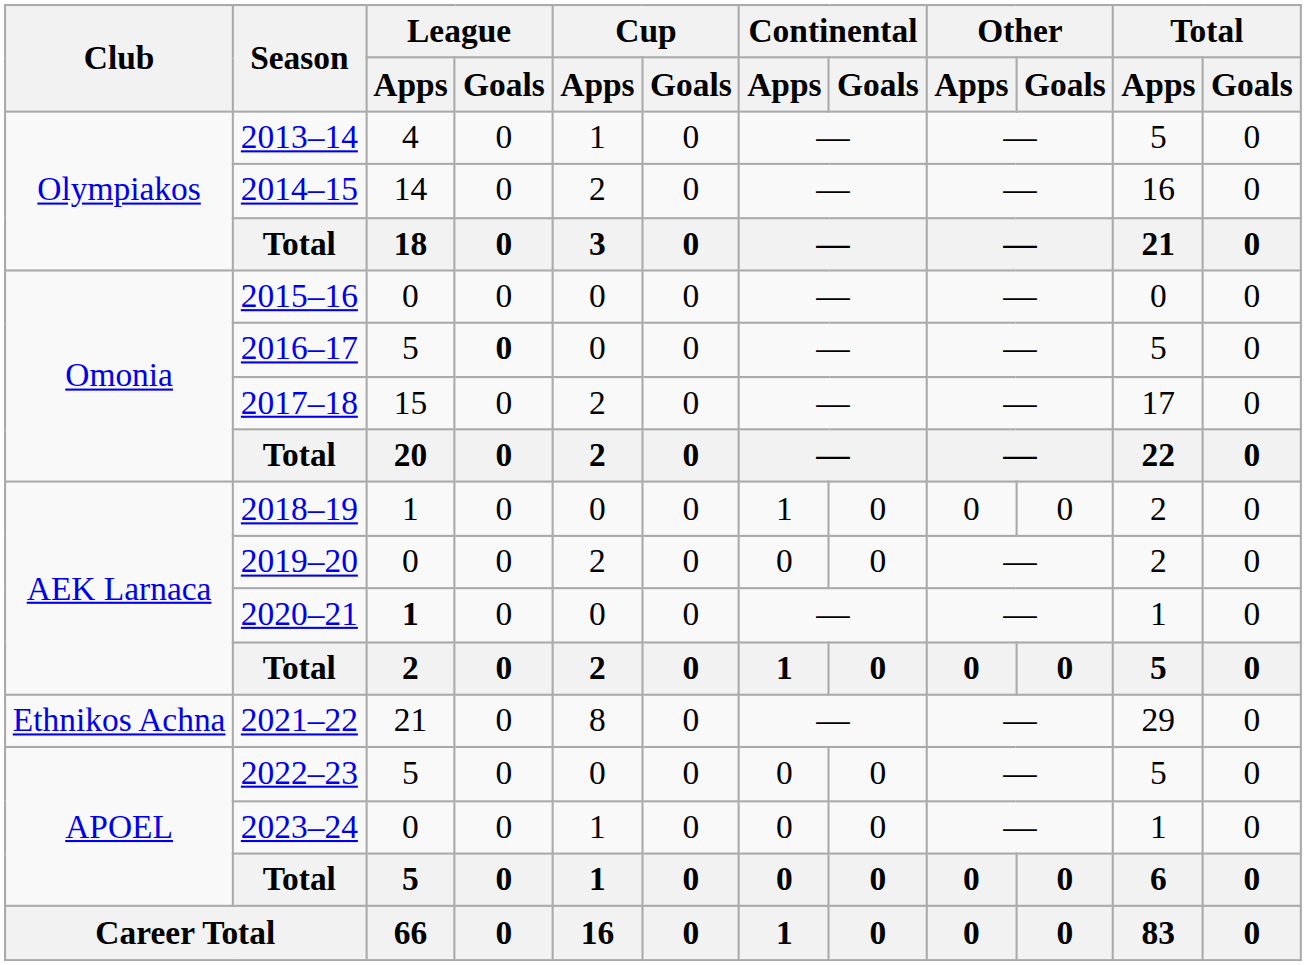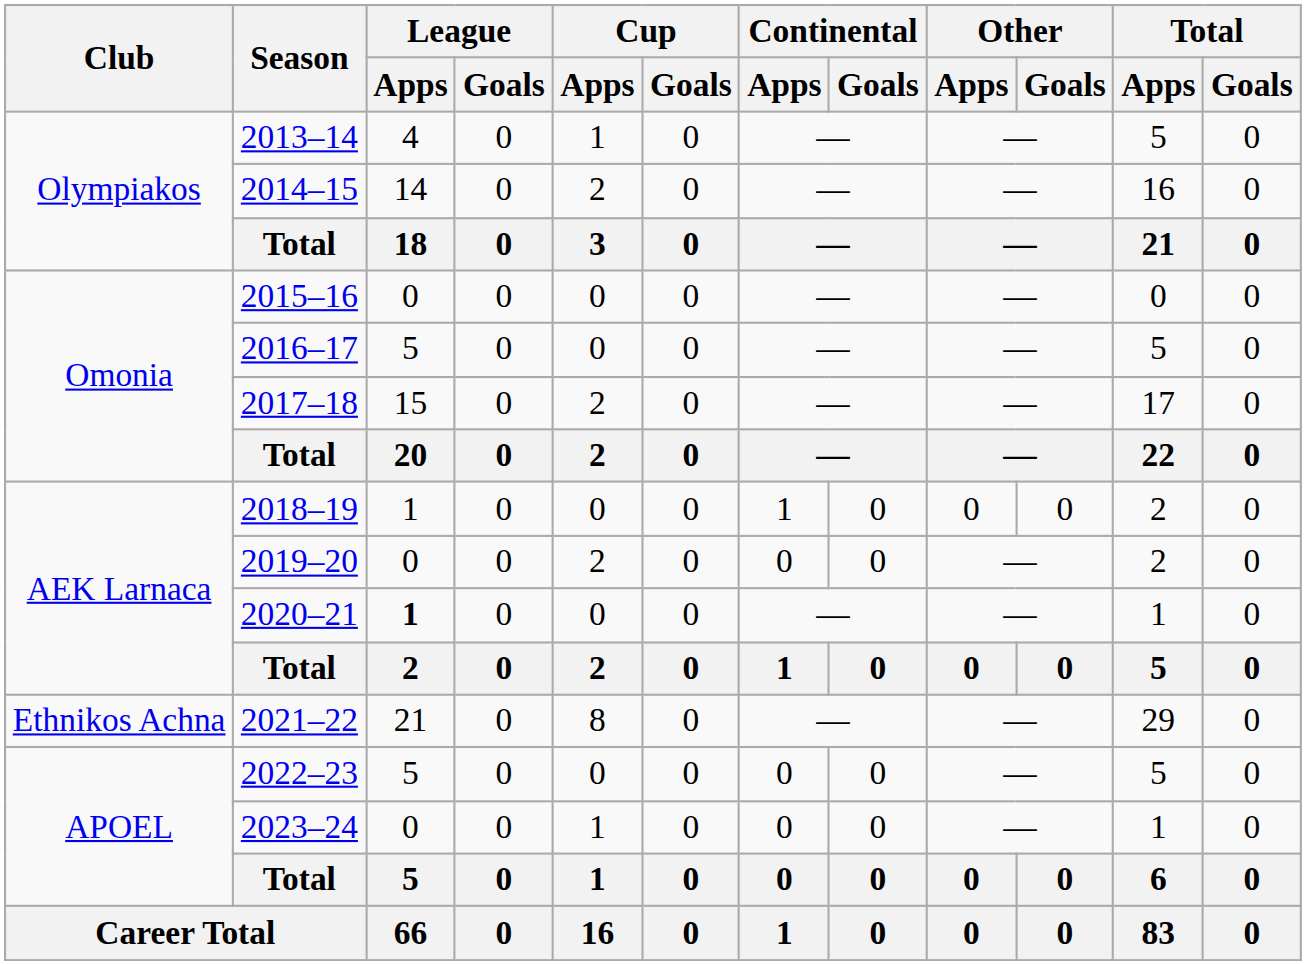 <table class="wikitable" style="text-align:center;">
 <tr>
 <th rowspan="2">Club</th>
 <th rowspan="2">Season</th>
 <th colspan="2">League</th>
 <th colspan="2">Cup</th>
 <th colspan="2">Continental</th>
 <th colspan="2">Other</th>
 <th colspan="2">Total</th>
 </tr>
 <tr>
 <th>Apps</th>
 <th>Goals</th>
 <th>Apps</th>
 <th>Goals</th>
 <th>Apps</th>
 <th>Goals</th>
 <th>Apps</th>
 <th>Goals</th>
 <th>Apps</th>
 <th>Goals</th>
 </tr>
 <tr>
 <td rowspan="3"><a href='#'>Olympiakos</a></td>
 <td><a href='#'>2013–14</a></td>
 <td>4</td>
 <td>0</td>
 <td>1</td>
 <td>0</td>
 <td colspan="2">—</td>
 <td colspan="2">—</td>
 <td>5</td>
 <td>0</td>
 </tr>
 <tr>
 <td><a href='#'>2014–15</a></td>
 <td>14</td>
 <td>0</td>
 <td>2</td>
 <td>0</td>
 <td colspan="2">—</td>
 <td colspan="2">—</td>
 <td>16</td>
 <td>0</td>
 </tr>
 <tr>
 <th>Total</th>
 <th>18</th>
 <th>0</th>
 <th>3</th>
 <th>0</th>
 <th colspan="2">—</th>
 <th colspan="2">—</th>
 <th>21</th>
 <th>0</th>
 </tr>
 <tr>
 <td rowspan="4"><a href='#'>Omonia</a></td>
 <td><a href='#'>2015–16</a></td>
 <td>0</td>
 <td>0</td>
 <td>0</td>
 <td>0</td>
 <td colspan="2">—</td>
 <td colspan="2">—</td>
 <td>0</td>
 <td>0</td>
 </tr>
 <tr>
 <td><a href='#'>2016–17</a></td>
 <td>5</td>
-<td><strong>0</strong></td>
+<td>0</td>
 <td>0</td>
 <td>0</td>
 <td colspan="2">—</td>
 <td colspan="2">—</td>
 <td>5</td>
 <td>0</td>
 </tr>
 <tr>
 <td><a href='#'>2017–18</a></td>
 <td>15</td>
 <td>0</td>
 <td>2</td>
 <td>0</td>
 <td colspan="2">—</td>
 <td colspan="2">—</td>
 <td>17</td>
 <td>0</td>
 </tr>
 <tr>
 <th>Total</th>
 <th>20</th>
 <th>0</th>
 <th>2</th>
 <th>0</th>
 <th colspan="2">—</th>
 <th colspan="2">—</th>
 <th>22</th>
 <th>0</th>
 </tr>
 <tr>
 <td rowspan="4"><a href='#'>AEK Larnaca</a></td>
 <td><a href='#'>2018–19</a></td>
 <td>1</td>
 <td>0</td>
 <td>0</td>
 <td>0</td>
 <td>1</td>
 <td>0</td>
 <td>0</td>
 <td>0</td>
 <td>2</td>
 <td>0</td>
 </tr>
 <tr>
 <td><a href='#'>2019–20</a></td>
 <td>0</td>
 <td>0</td>
 <td>2</td>
 <td>0</td>
 <td>0</td>
 <td>0</td>
 <td colspan="2">—</td>
 <td>2</td>
 <td>0</td>
 </tr>
 <tr>
 <td><a href='#'>2020–21</a></td>
 <td><strong>1</strong></td>
 <td>0</td>
 <td>0</td>
 <td>0</td>
 <td colspan="2">—</td>
 <td colspan="2">—</td>
 <td>1</td>
 <td>0</td>
 </tr>
 <tr>
 <th>Total</th>
 <th>2</th>
 <th>0</th>
 <th>2</th>
 <th>0</th>
 <th>1</th>
 <th>0</th>
 <th>0</th>
 <th>0</th>
 <th>5</th>
 <th>0</th>
 </tr>
 <tr>
 <td><a href='#'>Ethnikos Achna</a></td>
 <td><a href='#'>2021–22</a></td>
 <td>21</td>
 <td>0</td>
 <td>8</td>
 <td>0</td>
 <td colspan="2">—</td>
 <td colspan="2">—</td>
 <td>29</td>
 <td>0</td>
 </tr>
 <tr>
 <td rowspan="3"><a href='#'>APOEL</a></td>
 <td><a href='#'>2022–23</a></td>
 <td>5</td>
 <td>0</td>
 <td>0</td>
 <td>0</td>
 <td>0</td>
 <td>0</td>
 <td colspan="2">—</td>
 <td>5</td>
 <td>0</td>
 </tr>
 <tr>
 <td><a href='#'>2023–24</a></td>
 <td>0</td>
 <td>0</td>
 <td>1</td>
 <td>0</td>
 <td>0</td>
 <td>0</td>
 <td colspan="2">—</td>
 <td>1</td>
 <td>0</td>
 </tr>
 <tr>
 <th>Total</th>
 <th>5</th>
 <th>0</th>
 <th>1</th>
 <th>0</th>
 <th>0</th>
 <th>0</th>
 <th>0</th>
 <th>0</th>
 <th>6</th>
 <th>0</th>
 </tr>
 <tr>
 <th colspan="2">Career Total</th>
 <th>66</th>
 <th>0</th>
 <th>16</th>
 <th>0</th>
 <th>1</th>
 <th>0</th>
 <th>0</th>
 <th>0</th>
 <th>83</th>
 <th>0</th>
 </tr>
 </table>
